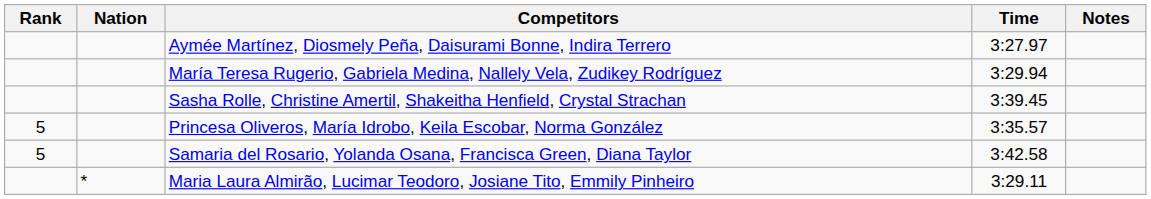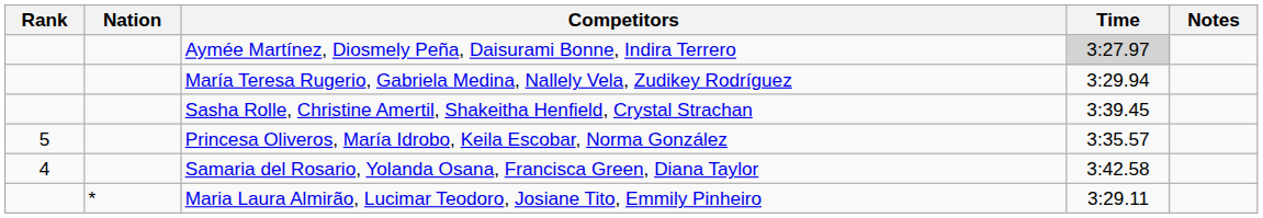 <table class="wikitable sortable" width=80% style="text-align:center; font-size:95%">
 <tr>
 <th>Rank</th>
 <th>Nation</th>
 <th>Competitors</th>
 <th>Time</th>
 <th>Notes</th>
 </tr>
 <tr>
 <td></td>
 <td align=left></td>
 <td align=left><a href='#'>Aymée Martínez</a>, <a href='#'>Diosmely Peña</a>, <a href='#'>Daisurami Bonne</a>, <a href='#'>Indira Terrero</a></td>
-<td>3:27.97</td>
+<td style="background: lightgrey;">3:27.97</td>
 <td></td>
 </tr>
 <tr>
 <td></td>
 <td align=left></td>
 <td align=left><a href='#'>María Teresa Rugerio</a>, <a href='#'>Gabriela Medina</a>, <a href='#'>Nallely Vela</a>, <a href='#'>Zudikey Rodríguez</a></td>
 <td>3:29.94</td>
 <td></td>
 </tr>
 <tr>
 <td></td>
 <td align=left></td>
 <td align=left><a href='#'>Sasha Rolle</a>, <a href='#'>Christine Amertil</a>, <a href='#'>Shakeitha Henfield</a>, <a href='#'>Crystal Strachan</a></td>
 <td>3:39.45</td>
 <td></td>
 </tr>
 <tr>
 <td>5</td>
 <td align=left></td>
 <td align=left><a href='#'>Princesa Oliveros</a>, <a href='#'>María Idrobo</a>, <a href='#'>Keila Escobar</a>, <a href='#'>Norma González</a></td>
 <td>3:35.57</td>
 <td></td>
 </tr>
 <tr>
-<td>5</td>
+<td>4</td>
 <td align=left></td>
 <td align=left><a href='#'>Samaria del Rosario</a>, <a href='#'>Yolanda Osana</a>, <a href='#'>Francisca Green</a>, <a href='#'>Diana Taylor</a></td>
 <td>3:42.58</td>
 <td></td>
 </tr>
 <tr>
 <td></td>
 <td align=left>*</td>
 <td align=left><a href='#'>Maria Laura Almirão</a>, <a href='#'>Lucimar Teodoro</a>, <a href='#'>Josiane Tito</a>, <a href='#'>Emmily Pinheiro</a></td>
 <td>3:29.11</td>
 <td></td>
 </tr>
 </table>
